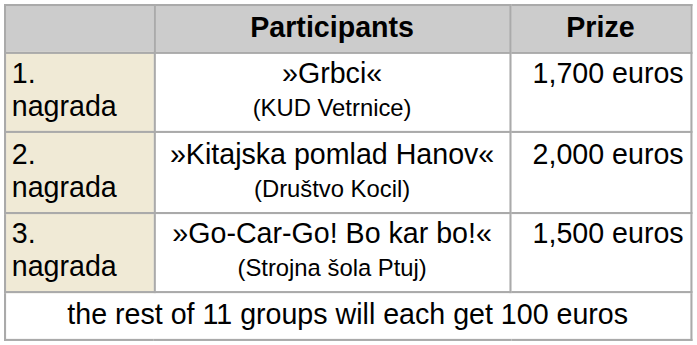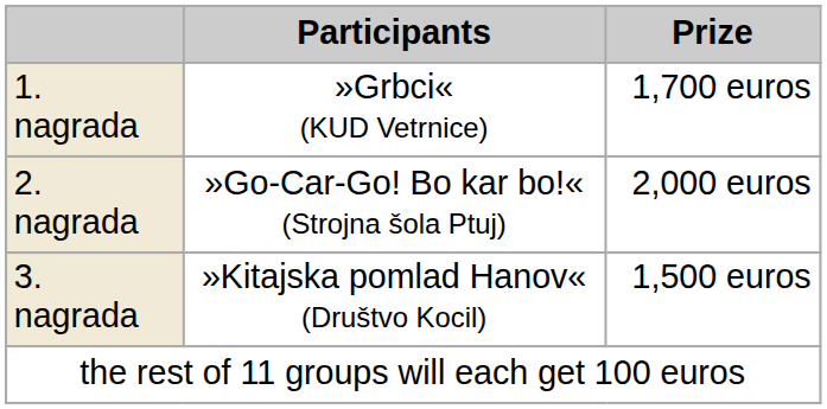 <table class="wikitable plainrowheaders" style="background:#fff; font-size:86%; line-height:16px; border:grey solid 1px; border-collapse:collapse;">
 <tr>
 <th scope="col" style="background:#ccc; width:65px;"></th>
 <th scope="col" style="background:#ccc; width:165px;">Participants</th>
 <th scope="col" style="background:#ccc; width:80px;">Prize</th>
 </tr>
 <tr>
 <td bgcolor=#F0EAD6>1. nagrada</td>
 <td align=center>»Grbci«<br><small>(KUD Vetrnice)</small></td>
 <td align=right>1,700 euros  </td>
 </tr>
 <tr>
 <td bgcolor=#F0EAD6>2. nagrada</td>
-<td align=center>»Kitajska pomlad Hanov«<br><small>(Društvo Kocil)</small></td>
+<td align=center>»Go-Car-Go! Bo kar bo!«<br><small>(Strojna šola Ptuj)</small></td>
 <td align=right>2,000 euros  </td>
 </tr>
 <tr>
 <td bgcolor=#F0EAD6>3. nagrada</td>
-<td align=center>»Go-Car-Go! Bo kar bo!«<br><small>(Strojna šola Ptuj)</small></td>
+<td align=center>»Kitajska pomlad Hanov«<br><small>(Društvo Kocil)</small></td>
 <td align=right>1,500 euros  </td>
 </tr>
 <tr>
 <td colspan=3 align=center>the rest of 11 groups will each get 100 euros</td>
 </tr>
 </table>
